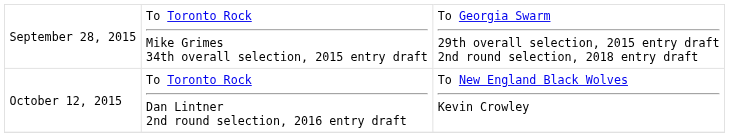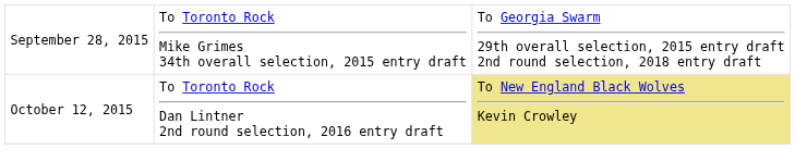 <table border=1 style="border-collapse:collapse" bordercolor="#DFDFDF"  cellpadding="5">
 <tr>
 <td>September 28, 2015</td>
 <td valign="top">To <a href='#'>Toronto Rock</a><hr>Mike Grimes<br>34th overall selection, 2015 entry draft</td>
 <td valign="top">To <a href='#'>Georgia Swarm</a><hr>29th overall selection, 2015 entry draft<br>2nd round selection, 2018 entry draft</td>
 </tr>
 <tr>
 <td>October 12, 2015</td>
 <td valign="top">To <a href='#'>Toronto Rock</a><hr>Dan Lintner<br>2nd round selection, 2016 entry draft</td>
-<td valign="top">To <a href='#'>New England Black Wolves</a><hr>Kevin Crowley</td>
+<td valign="top" style="background: khaki;">To <a href='#'>New England Black Wolves</a><hr>Kevin Crowley</td>
 </tr>
 <tr>
 </tr>
 </table>
